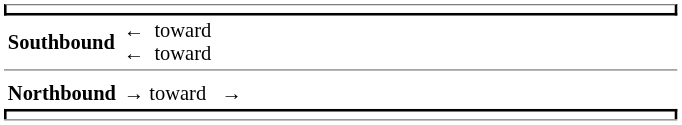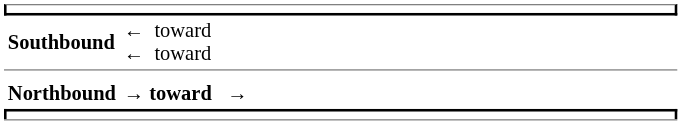 <table table border="0" cellspacing="0" cellpadding="3">
 <tr>
 <td style="border-top:solid 1px gray;border-right:solid 2px black;border-left:solid 2px black;border-bottom:solid 2px black;text-align:center;" colspan="2"></td>
 </tr>
 <tr>
 <td><strong>Southbound</strong></td>
 <td width="430">←  toward  <br> ←  toward  </td>
 </tr>
 <tr>
 <td style="border-top:solid 1px gray;" colspan="2"></td>
 </tr>
 <tr>
 <td><strong>Northbound</strong></td>
-<td><span>→</span>   toward   →</td>
+<td><strong><span>→</span>   toward   →</strong></td>
 </tr>
 <tr>
 <td style="border-top:solid 2px black;border-right:solid 2px black;border-left:solid 2px black;text-align:center;" colspan="2"></td>
 </tr>
 <tr>
 <td style="border-top:solid 1px gray;" colspan="2"></td>
 </tr>
 </table>
